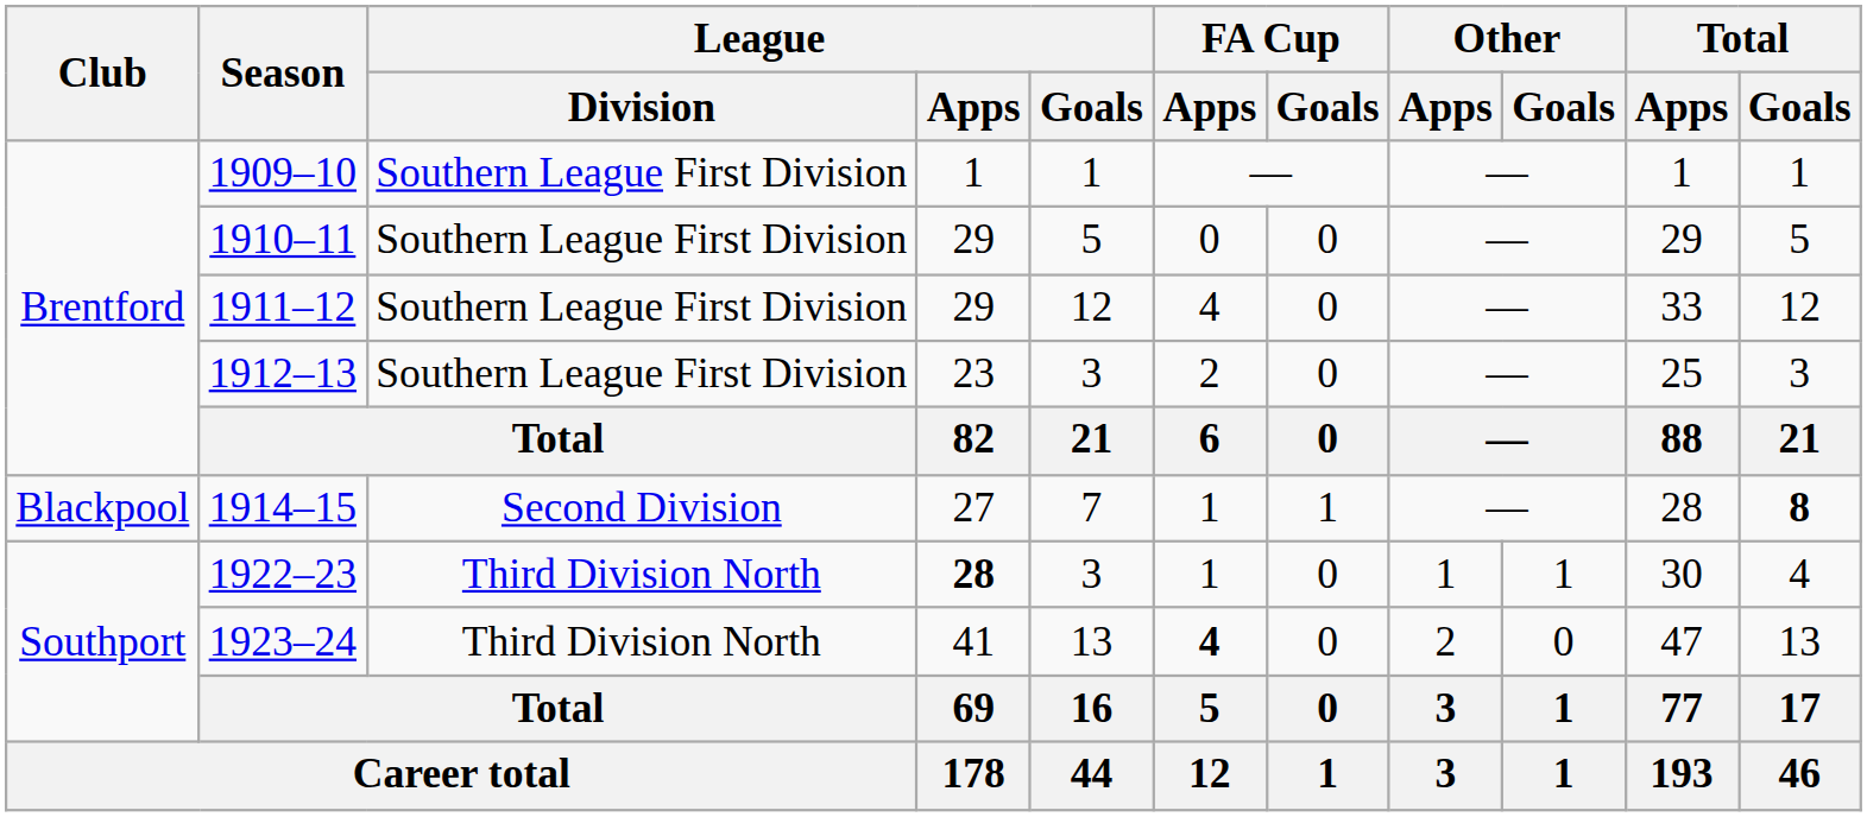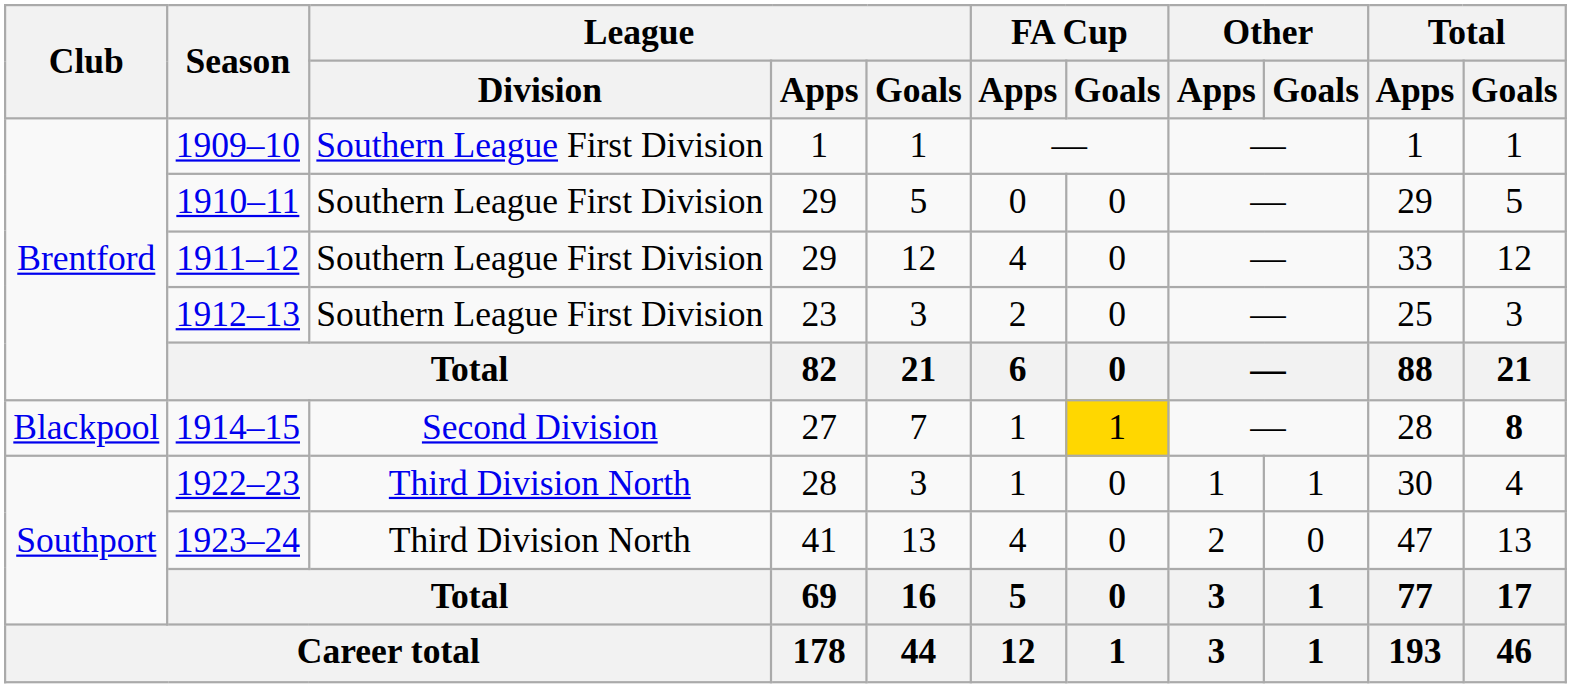 <table class="wikitable" style="text-align: center;">
 <tr>
 <th rowspan="2">Club</th>
 <th rowspan="2">Season</th>
 <th colspan="3">League</th>
 <th colspan="2">FA Cup</th>
 <th colspan="2">Other</th>
 <th colspan="2">Total</th>
 </tr>
 <tr>
 <th>Division</th>
 <th>Apps</th>
 <th>Goals</th>
 <th>Apps</th>
 <th>Goals</th>
 <th>Apps</th>
 <th>Goals</th>
 <th>Apps</th>
 <th>Goals</th>
 </tr>
 <tr>
 <td rowspan="5"><a href='#'>Brentford</a></td>
 <td><a href='#'>1909–10</a></td>
 <td><a href='#'>Southern League</a> First Division</td>
 <td>1</td>
 <td>1</td>
 <td colspan="2">—</td>
 <td colspan="2">—</td>
 <td>1</td>
 <td>1</td>
 </tr>
 <tr>
 <td><a href='#'>1910–11</a></td>
 <td>Southern League First Division</td>
 <td>29</td>
 <td>5</td>
 <td>0</td>
 <td>0</td>
 <td colspan="2">—</td>
 <td>29</td>
 <td>5</td>
 </tr>
 <tr>
 <td><a href='#'>1911–12</a></td>
 <td>Southern League First Division</td>
 <td>29</td>
 <td>12</td>
 <td>4</td>
 <td>0</td>
 <td colspan="2">—</td>
 <td>33</td>
 <td>12</td>
 </tr>
 <tr>
 <td><a href='#'>1912–13</a></td>
 <td>Southern League First Division</td>
 <td>23</td>
 <td>3</td>
 <td>2</td>
 <td>0</td>
 <td colspan="2">—</td>
 <td>25</td>
 <td>3</td>
 </tr>
 <tr>
 <th colspan="2">Total</th>
 <th>82</th>
 <th>21</th>
 <th>6</th>
 <th>0</th>
 <th colspan="2">—</th>
 <th>88</th>
 <th>21</th>
 </tr>
 <tr>
 <td><a href='#'>Blackpool</a></td>
 <td><a href='#'>1914–15</a></td>
 <td><a href='#'>Second Division</a></td>
 <td>27</td>
 <td>7</td>
 <td>1</td>
-<td>1</td>
+<td style="background: gold;">1</td>
 <td colspan="2">—</td>
 <td>28</td>
 <td><strong>8</strong></td>
 </tr>
 <tr>
 <td rowspan="3"><a href='#'>Southport</a></td>
 <td><a href='#'>1922–23</a></td>
 <td><a href='#'>Third Division North</a></td>
-<td><strong>28</strong></td>
+<td>28</td>
 <td>3</td>
 <td>1</td>
 <td>0</td>
 <td>1</td>
 <td>1</td>
 <td>30</td>
 <td>4</td>
 </tr>
 <tr>
 <td><a href='#'>1923–24</a></td>
 <td>Third Division North</td>
 <td>41</td>
 <td>13</td>
-<td><strong>4</strong></td>
+<td>4</td>
 <td>0</td>
 <td>2</td>
 <td>0</td>
 <td>47</td>
 <td>13</td>
 </tr>
 <tr>
 <th colspan="2">Total</th>
 <th>69</th>
 <th>16</th>
 <th>5</th>
 <th>0</th>
 <th>3</th>
 <th>1</th>
 <th>77</th>
 <th>17</th>
 </tr>
 <tr>
 <th colspan="3">Career total</th>
 <th>178</th>
 <th>44</th>
 <th>12</th>
 <th>1</th>
 <th>3</th>
 <th>1</th>
 <th>193</th>
 <th>46</th>
 </tr>
 </table>
